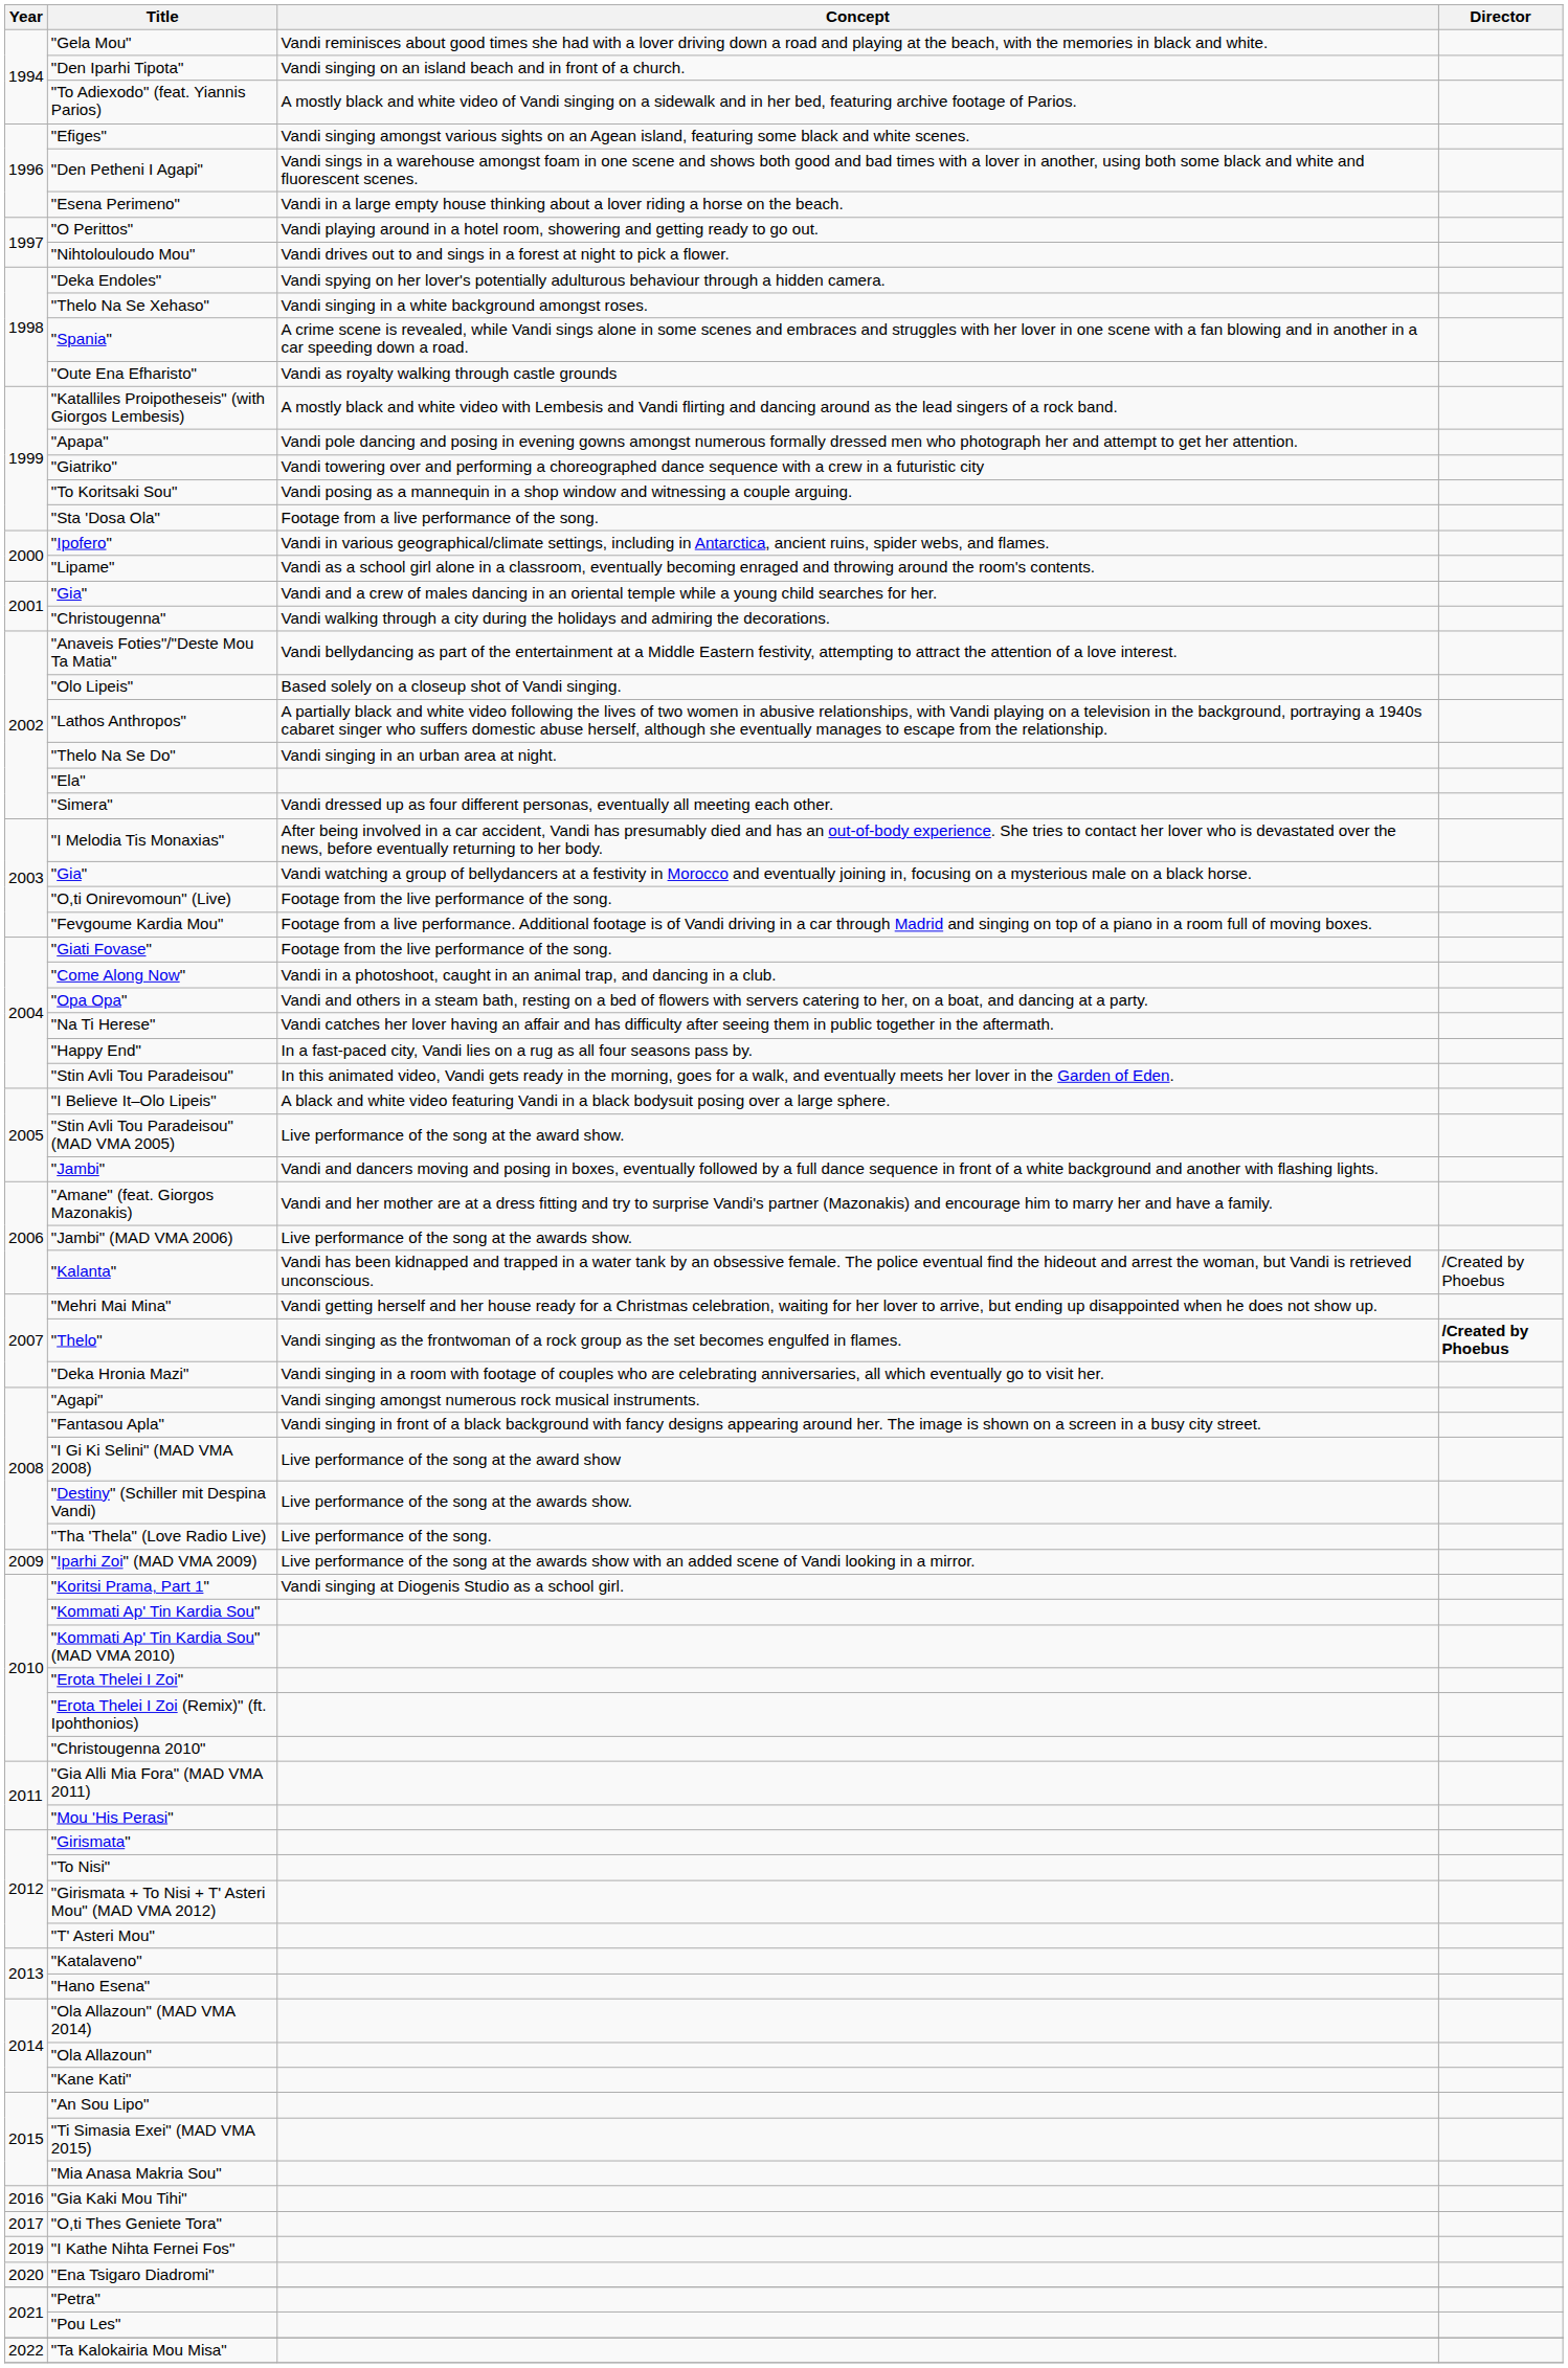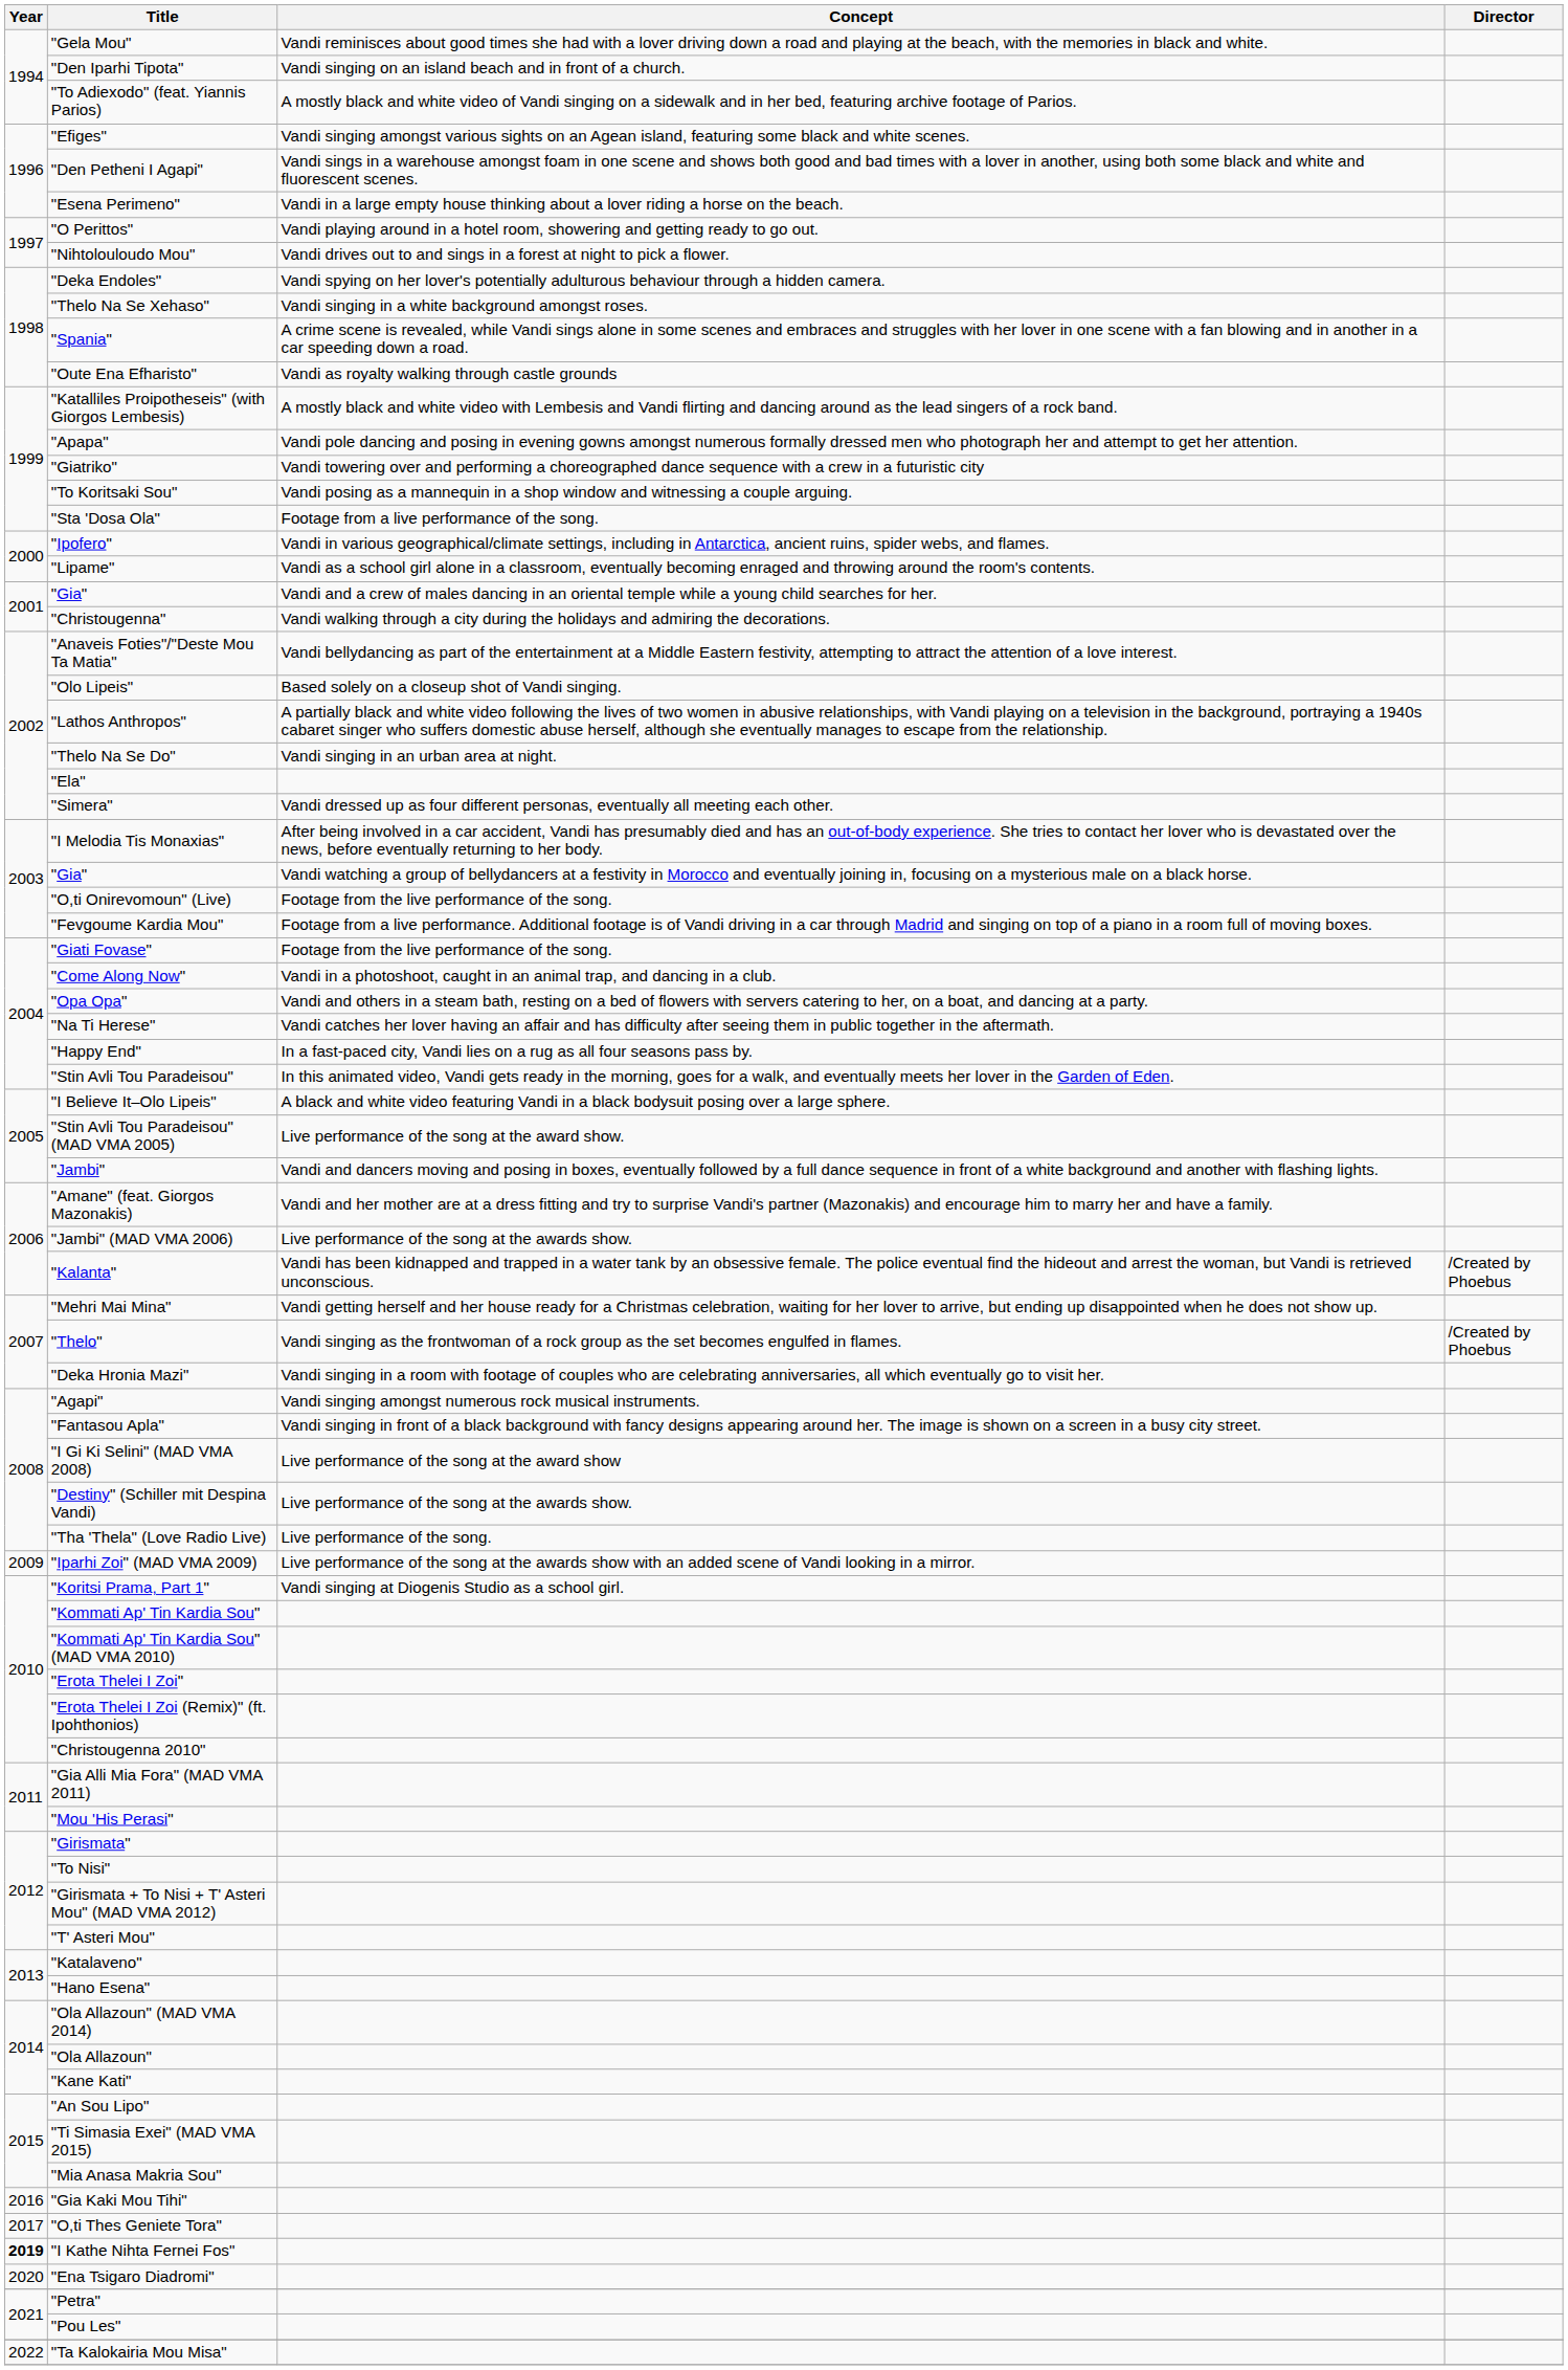 <table class="wikitable">
 <tr>
 <th>Year</th>
 <th style="width:14em">Title</th>
 <th>Concept</th>
 <th>Director</th>
 </tr>
 <tr>
 <td rowspan="3">1994</td>
 <td>"Gela Mou"</td>
 <td>Vandi reminisces about good times she had with a lover driving down a road and playing at the beach, with the memories in black and white.</td>
 <td></td>
 </tr>
 <tr>
 <td>"Den Iparhi Tipota"</td>
 <td>Vandi singing on an island beach and in front of a church.</td>
 <td></td>
 </tr>
 <tr>
 <td>"To Adiexodo" (feat. Yiannis Parios)</td>
 <td>A mostly black and white video of Vandi singing on a sidewalk and in her bed, featuring archive footage of Parios.</td>
 <td></td>
 </tr>
 <tr>
 <td rowspan="3">1996</td>
 <td>"Efiges"</td>
 <td>Vandi singing amongst various sights on an Agean island, featuring some black and white scenes.</td>
 <td></td>
 </tr>
 <tr>
 <td>"Den Petheni I Agapi"</td>
 <td>Vandi sings in a warehouse amongst foam in one scene and shows both good and bad times with a lover in another, using both some black and white and fluorescent scenes.</td>
 <td></td>
 </tr>
 <tr>
 <td>"Esena Perimeno"</td>
 <td>Vandi in a large empty house thinking about a lover riding a horse on the beach.</td>
 <td></td>
 </tr>
 <tr>
 <td rowspan="2">1997</td>
 <td>"O Perittos"</td>
 <td>Vandi playing around in a hotel room, showering and getting ready to go out.</td>
 <td></td>
 </tr>
 <tr>
 <td>"Nihtolouloudo Mou"</td>
 <td>Vandi drives out to and sings in a forest at night to pick a flower.</td>
 <td></td>
 </tr>
 <tr>
 <td rowspan="4">1998</td>
 <td>"Deka Endoles"</td>
 <td>Vandi spying on her lover's potentially adulturous behaviour through a hidden camera.</td>
 <td></td>
 </tr>
 <tr>
 <td>"Thelo Na Se Xehaso"</td>
 <td>Vandi singing in a white background amongst roses.</td>
 <td></td>
 </tr>
 <tr>
 <td>"<a href='#'>Spania</a>"</td>
 <td>A crime scene is revealed, while Vandi sings alone in some scenes and embraces and struggles with her lover in one scene with a fan blowing and in another in a car speeding down a road.</td>
 <td></td>
 </tr>
 <tr>
 <td>"Oute Ena Efharisto"</td>
 <td>Vandi as royalty walking through castle grounds</td>
 <td></td>
 </tr>
 <tr>
 <td rowspan="5">1999</td>
 <td>"Katalliles Proipotheseis" (with Giorgos Lembesis)</td>
 <td>A mostly black and white video with Lembesis and Vandi flirting and dancing around as the lead singers of a rock band.</td>
 <td></td>
 </tr>
 <tr>
 <td>"Apapa"</td>
 <td>Vandi pole dancing and posing in evening gowns amongst numerous formally dressed men who photograph her and attempt to get her attention.</td>
 <td></td>
 </tr>
 <tr>
 <td>"Giatriko"</td>
 <td>Vandi towering over and performing a choreographed dance sequence with a crew in a futuristic city</td>
 <td></td>
 </tr>
 <tr>
 <td>"To Koritsaki Sou"</td>
 <td>Vandi posing as a mannequin in a shop window and witnessing a couple arguing.</td>
 <td></td>
 </tr>
 <tr>
 <td>"Sta 'Dosa Ola"</td>
 <td>Footage from a live performance of the song.</td>
 <td></td>
 </tr>
 <tr>
 <td rowspan="2">2000</td>
 <td>"<a href='#'>Ipofero</a>"</td>
 <td>Vandi in various geographical/climate settings, including in <a href='#'>Antarctica</a>, ancient ruins, spider webs, and flames.</td>
 <td></td>
 </tr>
 <tr>
 <td>"Lipame"</td>
 <td>Vandi as a school girl alone in a classroom, eventually becoming enraged and throwing around the room's contents.</td>
 <td></td>
 </tr>
 <tr>
 <td rowspan="2">2001</td>
 <td>"<a href='#'>Gia</a>"</td>
 <td>Vandi and a crew of males dancing in an oriental temple while a young child searches for her.</td>
 <td></td>
 </tr>
 <tr>
 <td>"Christougenna"</td>
 <td>Vandi walking through a city during the holidays and admiring the decorations.</td>
 <td></td>
 </tr>
 <tr>
 <td rowspan="6">2002</td>
 <td>"Anaveis Foties"/"Deste Mou Ta Matia"</td>
 <td>Vandi bellydancing as part of the entertainment at a Middle Eastern festivity, attempting to attract the attention of a love interest.</td>
 <td></td>
 </tr>
 <tr>
 <td>"Olo Lipeis"</td>
 <td>Based solely on a closeup shot of Vandi singing.</td>
 <td></td>
 </tr>
 <tr>
 <td>"Lathos Anthropos"</td>
 <td>A partially black and white video following the lives of two women in abusive relationships, with Vandi playing on a television in the background, portraying a 1940s cabaret singer who suffers domestic abuse herself, although she eventually manages to escape from the relationship.</td>
 <td></td>
 </tr>
 <tr>
 <td>"Thelo Na Se Do"</td>
 <td>Vandi singing in an urban area at night.</td>
 <td></td>
 </tr>
 <tr>
 <td>"Ela"</td>
 <td></td>
 <td></td>
 </tr>
 <tr>
 <td>"Simera"</td>
 <td>Vandi dressed up as four different personas, eventually all meeting each other.</td>
 <td></td>
 </tr>
 <tr>
 <td rowspan="4">2003</td>
 <td>"I Melodia Tis Monaxias"</td>
 <td>After being involved in a car accident, Vandi has presumably died and has an <a href='#'>out-of-body experience</a>. She tries to contact her lover who is devastated over the news, before eventually returning to her body.</td>
 <td></td>
 </tr>
 <tr>
 <td>"<a href='#'>Gia</a>"</td>
 <td>Vandi watching a group of bellydancers at a festivity in <a href='#'>Morocco</a> and eventually joining in, focusing on a mysterious male on a black horse.</td>
 <td></td>
 </tr>
 <tr>
 <td>"O,ti Onirevomoun" (Live)</td>
 <td>Footage from the live performance of the song.</td>
 <td></td>
 </tr>
 <tr>
 <td>"Fevgoume Kardia Mou"</td>
 <td>Footage from a live performance. Additional footage is of Vandi driving in a car through <a href='#'>Madrid</a> and singing on top of a piano in a room full of moving boxes.</td>
 <td></td>
 </tr>
 <tr>
 <td rowspan="6">2004</td>
 <td>"<a href='#'>Giati Fovase</a>"</td>
 <td>Footage from the live performance of the song.</td>
 <td></td>
 </tr>
 <tr>
 <td>"<a href='#'>Come Along Now</a>"</td>
 <td>Vandi in a photoshoot, caught in an animal trap, and dancing in a club.</td>
 <td></td>
 </tr>
 <tr>
 <td>"<a href='#'>Opa Opa</a>"</td>
 <td>Vandi and others in a steam bath, resting on a bed of flowers with servers catering to her, on a boat, and dancing at a party.</td>
 <td></td>
 </tr>
 <tr>
 <td>"Na Ti Herese"</td>
 <td>Vandi catches her lover having an affair and has difficulty after seeing them in public together in the aftermath.</td>
 <td></td>
 </tr>
 <tr>
 <td>"Happy End"</td>
 <td>In a fast-paced city, Vandi lies on a rug as all four seasons pass by.</td>
 <td></td>
 </tr>
 <tr>
 <td>"Stin Avli Tou Paradeisou"</td>
 <td>In this animated video, Vandi gets ready in the morning, goes for a walk, and eventually meets her lover in the <a href='#'>Garden of Eden</a>.</td>
 <td></td>
 </tr>
 <tr>
 <td rowspan="3">2005</td>
 <td>"I Believe It–Olo Lipeis"</td>
 <td>A black and white video featuring Vandi in a black bodysuit posing over a large sphere.</td>
 <td></td>
 </tr>
 <tr>
 <td>"Stin Avli Tou Paradeisou" (MAD VMA 2005)</td>
 <td>Live performance of the song at the award show.</td>
 <td></td>
 </tr>
 <tr>
 <td>"<a href='#'>Jambi</a>"</td>
 <td>Vandi and dancers moving and posing in boxes, eventually followed by a full dance sequence in front of a white background and another with flashing lights.</td>
 <td></td>
 </tr>
 <tr>
 <td rowspan="3">2006</td>
 <td>"Amane" (feat. Giorgos Mazonakis)</td>
 <td>Vandi and her mother are at a dress fitting and try to surprise Vandi's partner (Mazonakis) and encourage him to marry her and have a family.</td>
 <td></td>
 </tr>
 <tr>
 <td>"Jambi" (MAD VMA 2006)</td>
 <td>Live performance of the song at the awards show.</td>
 <td></td>
 </tr>
 <tr>
 <td>"<a href='#'>Kalanta</a>"</td>
 <td>Vandi has been kidnapped and trapped in a water tank by an obsessive female. The police eventual find the hideout and arrest the woman, but Vandi is retrieved unconscious.</td>
 <td>/Created by Phoebus</td>
 </tr>
 <tr>
 <td rowspan="3">2007</td>
 <td>"Mehri Mai Mina"</td>
 <td>Vandi getting herself and her house ready for a Christmas celebration, waiting for her lover to arrive, but ending up disappointed when he does not show up.</td>
 <td></td>
 </tr>
 <tr>
 <td>"<a href='#'>Thelo</a>"</td>
 <td>Vandi singing as the frontwoman of a rock group as the set becomes engulfed in flames.</td>
-<td><strong>/Created by Phoebus</strong></td>
+<td>/Created by Phoebus</td>
 </tr>
 <tr>
 <td>"Deka Hronia Mazi"</td>
 <td>Vandi singing in a room with footage of couples who are celebrating anniversaries, all which eventually go to visit her.</td>
 <td></td>
 </tr>
 <tr>
 <td rowspan="5">2008</td>
 <td>"Agapi"</td>
 <td>Vandi singing amongst numerous rock musical instruments.</td>
 <td></td>
 </tr>
 <tr>
 <td>"Fantasou Apla"</td>
 <td>Vandi singing in front of a black background with fancy designs appearing around her. The image is shown on a screen in a busy city street.</td>
 <td></td>
 </tr>
 <tr>
 <td>"I Gi Ki Selini" (MAD VMA 2008)</td>
 <td>Live performance of the song at the award show</td>
 <td></td>
 </tr>
 <tr>
 <td>"<a href='#'>Destiny</a>" (Schiller mit Despina Vandi)</td>
 <td>Live performance of the song at the awards show.</td>
 <td></td>
 </tr>
 <tr>
 <td>"Tha 'Thela" (Love Radio Live)</td>
 <td>Live performance of the song.</td>
 <td></td>
 </tr>
 <tr>
 <td>2009</td>
 <td>"<a href='#'>Iparhi Zoi</a>" (MAD VMA 2009)</td>
 <td>Live performance of the song at the awards show with an added scene of Vandi looking in a mirror.</td>
 <td></td>
 </tr>
 <tr>
 <td rowspan="6">2010</td>
 <td>"<a href='#'>Koritsi Prama, Part 1</a>"</td>
 <td>Vandi singing at Diogenis Studio as a school girl.</td>
 <td></td>
 </tr>
 <tr>
 <td>"<a href='#'>Kommati Ap' Tin Kardia Sou</a>"</td>
 <td></td>
 <td></td>
 </tr>
 <tr>
 <td>"<a href='#'>Kommati Ap' Tin Kardia Sou</a>" (MAD VMA 2010)</td>
 <td></td>
 <td></td>
 </tr>
 <tr>
 <td>"<a href='#'>Erota Thelei I Zoi</a>"</td>
 <td></td>
 <td></td>
 </tr>
 <tr>
 <td>"<a href='#'>Erota Thelei I Zoi</a> (Remix)" (ft. Ipohthonios)</td>
 <td></td>
 <td></td>
 </tr>
 <tr>
 <td>"Christougenna 2010"</td>
 <td></td>
 <td></td>
 </tr>
 <tr>
 <td rowspan="2">2011</td>
 <td>"Gia Alli Mia Fora" (MAD VMA 2011)</td>
 <td></td>
 <td></td>
 </tr>
 <tr>
 <td>"<a href='#'>Mou 'His Perasi</a>"</td>
 <td></td>
 <td></td>
 </tr>
 <tr>
 <td rowspan="4">2012</td>
 <td>"<a href='#'>Girismata</a>"</td>
 <td></td>
 <td></td>
 </tr>
 <tr>
 <td>"To Nisi"</td>
 <td></td>
 <td></td>
 </tr>
 <tr>
 <td>"Girismata + To Nisi + T' Asteri Mou" (MAD VMA 2012)</td>
 <td></td>
 <td></td>
 </tr>
 <tr>
 <td>"T' Asteri Mou"</td>
 <td></td>
 <td></td>
 </tr>
 <tr>
 <td rowspan="2">2013</td>
 <td>"Katalaveno"</td>
 <td></td>
 <td></td>
 </tr>
 <tr>
 <td>"Hano Esena"</td>
 <td></td>
 <td></td>
 </tr>
 <tr>
 <td rowspan="3">2014</td>
 <td>"Ola Allazoun" (MAD VMA 2014)</td>
 <td></td>
 <td></td>
 </tr>
 <tr>
 <td>"Ola Allazoun"</td>
 <td></td>
 <td></td>
 </tr>
 <tr>
 <td>"Kane Kati"</td>
 <td></td>
 <td></td>
 </tr>
 <tr>
 <td rowspan="3">2015</td>
 <td>"An Sou Lipo"</td>
 <td></td>
 <td></td>
 </tr>
 <tr>
 <td>"Ti Simasia Exei" (MAD VMA 2015)</td>
 <td></td>
 <td></td>
 </tr>
 <tr>
 <td>"Mia Anasa Makria Sou"</td>
 <td></td>
 <td></td>
 </tr>
 <tr>
 <td rowspan="1">2016</td>
 <td>"Gia Kaki Mou Tihi"</td>
 <td></td>
 <td></td>
 </tr>
 <tr>
 <td rowspan="1">2017</td>
 <td>"O,ti Thes Geniete Tora"</td>
 <td></td>
 <td></td>
 </tr>
 <tr>
-<td rowspan="1">2019</td>
+<td rowspan="1"><strong>2019</strong></td>
 <td>"I Kathe Nihta Fernei Fos"</td>
 <td></td>
 <td></td>
 </tr>
 <tr>
 <td rowspan="1">2020</td>
 <td>"Ena Tsigaro Diadromi"</td>
 <td></td>
 <td></td>
 </tr>
 <tr>
 </tr>
 <tr>
 <td rowspan="2">2021</td>
 <td>"Petra"</td>
 <td></td>
 <td></td>
 </tr>
 <tr>
 <td>"Pou Les"</td>
 <td></td>
 <td></td>
 </tr>
 <tr>
 </tr>
 <tr>
 <td rowspan="1">2022</td>
 <td>"Ta Kalokairia Mou Misa"</td>
 <td></td>
 <td></td>
 </tr>
 <tr>
 </tr>
 </table>
